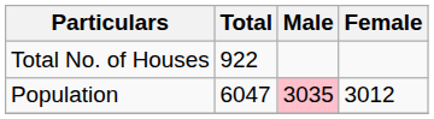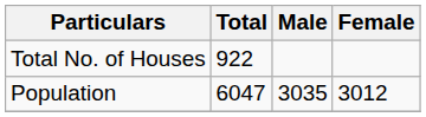 <table class="wikitable sortable">
 <tr>
 <th>Particulars</th>
 <th>Total</th>
 <th>Male</th>
 <th>Female</th>
 </tr>
 <tr>
 <td>Total No. of Houses</td>
 <td>922</td>
 <td></td>
 <td></td>
 </tr>
 <tr>
 <td>Population</td>
 <td>6047</td>
-<td style="background: pink;">3035</td>
+<td>3035</td>
 <td>3012</td>
 </tr>
 <tr>
 </tr>
 </table>
